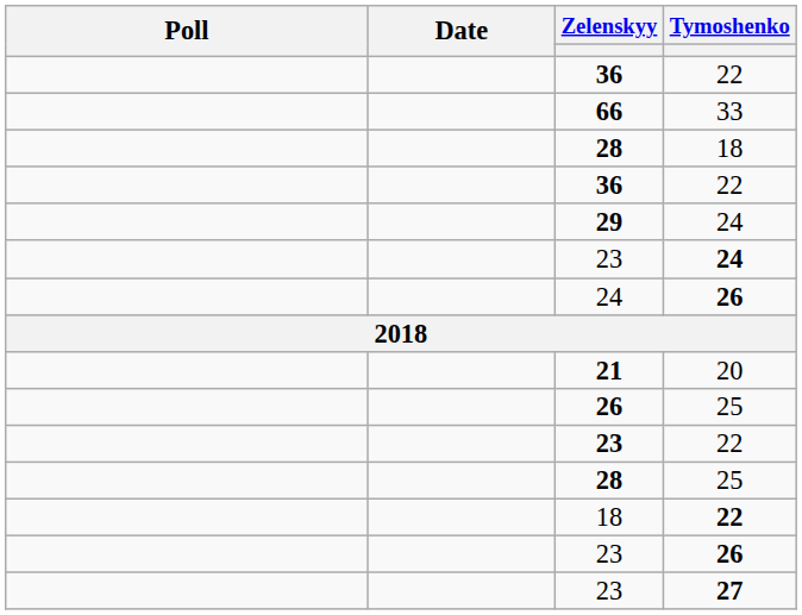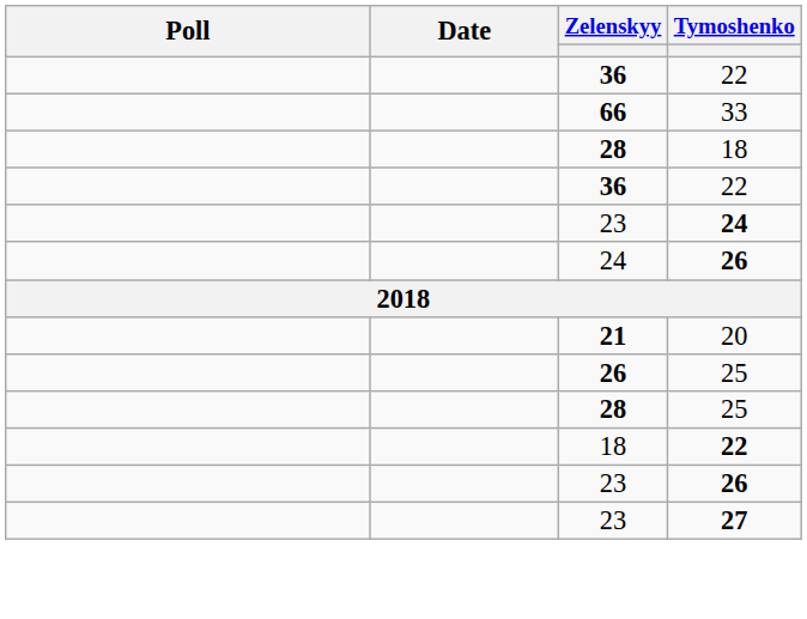 <table class="wikitable" style="text-align:center;font-size:95%;line-height:14px;">
 <tr>
 <th rowspan=2 style="width:200px;">Poll</th>
 <th rowspan=2 style="width:100px;">Date</th>
 <th><small><a href='#'>Zelenskyy</a></small><br></th>
 <th><small><a href='#'>Tymoshenko</a></small><br></th>
 </tr>
 <tr>
 <th style="background:"></th>
 <th style="background:"></th>
 </tr>
 <tr>
 <td></td>
 <td></td>
 <td style="background-color:#"><strong>36</strong></td>
 <td>22</td>
 </tr>
 <tr>
 <td></td>
 <td></td>
 <td style="background-color:#"><strong>66</strong></td>
 <td>33</td>
 </tr>
 <tr>
 <td></td>
 <td></td>
 <td style="background-color:#"><strong>28</strong></td>
 <td>18</td>
 </tr>
 <tr>
 <td></td>
 <td></td>
 <td style="background-color:#"><strong>36</strong></td>
 <td>22</td>
 </tr>
 <tr>
 <td></td>
 <td></td>
-<td style="background-color:#"><strong>29</strong></td>
-<td>24</td>
-</tr>
-<tr>
-<td></td>
-<td></td>
 <td>23</td>
 <td style="background-color:#"><strong>24</strong></td>
 </tr>
 <tr>
 <td></td>
 <td></td>
 <td>24</td>
 <td style="background-color:#"><strong>26</strong></td>
 </tr>
 <tr>
 <th colspan=4>2018</th>
 </tr>
 <tr>
 <td></td>
 <td></td>
 <td style="background-color:#"><strong>21</strong></td>
 <td>20</td>
 </tr>
 <tr>
 <td></td>
 <td></td>
 <td style="background-color:#"><strong>26</strong></td>
 <td>25</td>
-</tr>
-<tr>
-<td></td>
-<td></td>
-<td style="background-color:#"><strong>23</strong></td>
-<td>22</td>
 </tr>
 <tr>
 <td> </td>
 <td></td>
 <td style="background-color:#"><strong>28</strong></td>
 <td>25</td>
 </tr>
 <tr>
 <td></td>
 <td></td>
 <td>18</td>
 <td style="background-color:#"><strong>22</strong></td>
 </tr>
 <tr>
 <td></td>
 <td></td>
 <td>23</td>
 <td style="background-color:#"><strong>26</strong></td>
 </tr>
 <tr>
 <td> </td>
 <td></td>
 <td>23</td>
 <td style="background-color:#"><strong>27</strong></td>
 </tr>
 </table>
